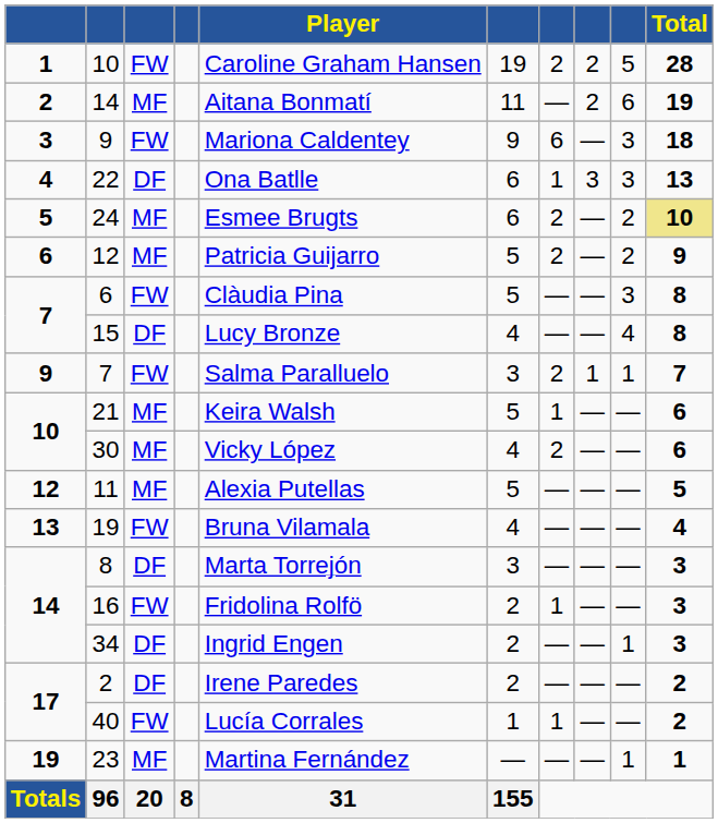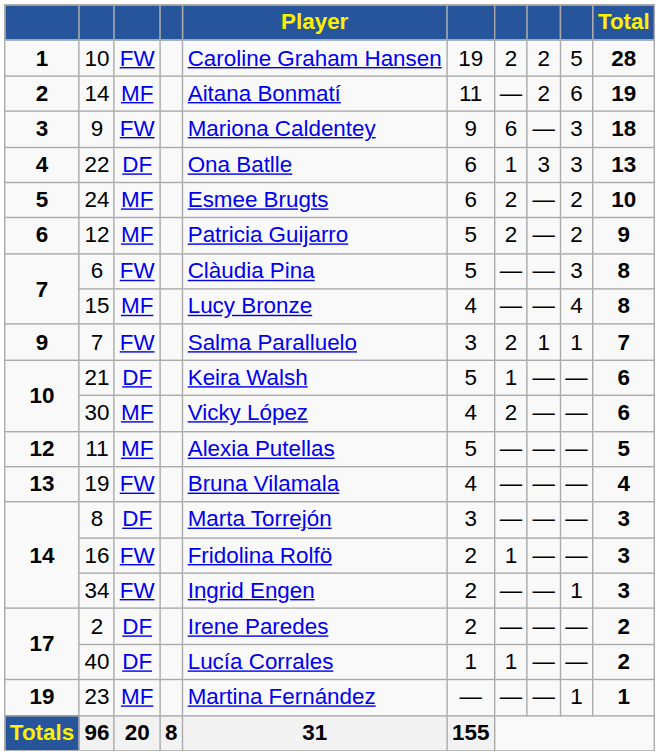 <table class="wikitable" style="text-align:center;">
 <tr>
 <th style="background:#26559B; color:#FFF000; "></th>
 <th style="background:#26559B; color:#FFF000; "></th>
 <th style="background:#26559B; color:#FFF000; "></th>
 <th style="background:#26559B; color:#FFF000; "></th>
 <th style="background:#26559B; color:#FFF000; ">Player</th>
 <th style="background:#26559B; color:#FFF000; "></th>
 <th style="background:#26559B; color:#FFF000; "></th>
 <th style="background:#26559B; color:#FFF000; "></th>
 <th style="background:#26559B; color:#FFF000; "></th>
 <th style="background:#26559B; color:#FFF000; ">Total</th>
 </tr>
 <tr>
 <td><strong>1</strong></td>
 <td>10</td>
 <td><a href='#'>FW</a></td>
 <td></td>
 <td align="left"><a href='#'>Caroline Graham Hansen</a></td>
 <td>19</td>
 <td>2</td>
 <td>2</td>
 <td>5</td>
 <td><strong>28</strong></td>
 </tr>
 <tr>
 <td><strong>2</strong></td>
 <td>14</td>
 <td><a href='#'>MF</a></td>
 <td></td>
 <td align="left"><a href='#'>Aitana Bonmatí</a></td>
 <td>11</td>
 <td>—</td>
 <td>2</td>
 <td>6</td>
 <td><strong>19</strong></td>
 </tr>
 <tr>
 <td><strong>3</strong></td>
 <td>9</td>
 <td><a href='#'>FW</a></td>
 <td></td>
 <td align="left"><a href='#'>Mariona Caldentey</a></td>
 <td>9</td>
 <td>6</td>
 <td>—</td>
 <td>3</td>
 <td><strong>18</strong></td>
 </tr>
 <tr>
 <td><strong>4</strong></td>
 <td>22</td>
 <td><a href='#'>DF</a></td>
 <td></td>
 <td align="left"><a href='#'>Ona Batlle</a></td>
 <td>6</td>
 <td>1</td>
 <td>3</td>
 <td>3</td>
 <td><strong>13</strong></td>
 </tr>
 <tr>
 <td><strong>5</strong></td>
 <td>24</td>
 <td><a href='#'>MF</a></td>
 <td></td>
 <td align="left"><a href='#'>Esmee Brugts</a></td>
 <td>6</td>
 <td>2</td>
 <td>—</td>
 <td>2</td>
-<td style="background: khaki;"><strong>10</strong></td>
+<td><strong>10</strong></td>
 </tr>
 <tr>
 <td><strong>6</strong></td>
 <td>12</td>
 <td><a href='#'>MF</a></td>
 <td></td>
 <td align="left"><a href='#'>Patricia Guijarro</a></td>
 <td>5</td>
 <td>2</td>
 <td>—</td>
 <td>2</td>
 <td><strong>9</strong></td>
 </tr>
 <tr>
 <td rowspan=2><strong>7</strong></td>
 <td>6</td>
 <td><a href='#'>FW</a></td>
 <td></td>
 <td align="left"><a href='#'>Clàudia Pina</a></td>
 <td>5</td>
 <td>—</td>
 <td>—</td>
 <td>3</td>
 <td><strong>8</strong></td>
 </tr>
 <tr>
 <td>15</td>
-<td><a href='#'>DF</a></td>
+<td><a href='#'>MF</a></td>
 <td></td>
 <td align="left"><a href='#'>Lucy Bronze</a></td>
 <td>4</td>
 <td>—</td>
 <td>—</td>
 <td>4</td>
 <td><strong>8</strong></td>
 </tr>
 <tr>
 <td><strong>9</strong></td>
 <td>7</td>
 <td><a href='#'>FW</a></td>
 <td></td>
 <td align="left"><a href='#'>Salma Paralluelo</a></td>
 <td>3</td>
 <td>2</td>
 <td>1</td>
 <td>1</td>
 <td><strong>7</strong></td>
 </tr>
 <tr>
 <td rowspan=2><strong>10</strong></td>
 <td>21</td>
-<td><a href='#'>MF</a></td>
+<td><a href='#'>DF</a></td>
 <td></td>
 <td align="left"><a href='#'>Keira Walsh</a></td>
 <td>5</td>
 <td>1</td>
 <td>—</td>
 <td>—</td>
 <td><strong>6</strong></td>
 </tr>
 <tr>
 <td>30</td>
 <td><a href='#'>MF</a></td>
 <td></td>
 <td align="left"><a href='#'>Vicky López</a></td>
 <td>4</td>
 <td>2</td>
 <td>—</td>
 <td>—</td>
 <td><strong>6</strong></td>
 </tr>
 <tr>
 <td><strong>12</strong></td>
 <td>11</td>
 <td><a href='#'>MF</a></td>
 <td></td>
 <td align="left"><a href='#'>Alexia Putellas</a></td>
 <td>5</td>
 <td>—</td>
 <td>—</td>
 <td>—</td>
 <td><strong>5</strong></td>
 </tr>
 <tr>
 <td><strong>13</strong></td>
 <td>19</td>
 <td><a href='#'>FW</a></td>
 <td></td>
 <td align="left"><a href='#'>Bruna Vilamala</a></td>
 <td>4</td>
 <td>—</td>
 <td>—</td>
 <td>—</td>
 <td><strong>4</strong></td>
 </tr>
 <tr>
 <td rowspan=3><strong>14</strong></td>
 <td>8</td>
 <td><a href='#'>DF</a></td>
 <td></td>
 <td align="left"><a href='#'>Marta Torrejón</a></td>
 <td>3</td>
 <td>—</td>
 <td>—</td>
 <td>—</td>
 <td><strong>3</strong></td>
 </tr>
 <tr>
 <td>16</td>
 <td><a href='#'>FW</a></td>
 <td></td>
 <td align="left"><a href='#'>Fridolina Rolfö</a></td>
 <td>2</td>
 <td>1</td>
 <td>—</td>
 <td>—</td>
 <td><strong>3</strong></td>
 </tr>
 <tr>
 <td>34</td>
-<td><a href='#'>DF</a></td>
+<td><a href='#'>FW</a></td>
 <td></td>
 <td align="left"><a href='#'>Ingrid Engen</a></td>
 <td>2</td>
 <td>—</td>
 <td>—</td>
 <td>1</td>
 <td><strong>3</strong></td>
 </tr>
 <tr>
 <td rowspan=2><strong>17</strong></td>
 <td>2</td>
 <td><a href='#'>DF</a></td>
 <td></td>
 <td align="left"><a href='#'>Irene Paredes</a></td>
 <td>2</td>
 <td>—</td>
 <td>—</td>
 <td>—</td>
 <td><strong>2</strong></td>
 </tr>
 <tr>
 <td>40</td>
-<td><a href='#'>FW</a></td>
+<td><a href='#'>DF</a></td>
 <td></td>
 <td align="left"><a href='#'>Lucía Corrales</a></td>
 <td>1</td>
 <td>1</td>
 <td>—</td>
 <td>—</td>
 <td><strong>2</strong></td>
 </tr>
 <tr>
 <td><strong>19</strong></td>
 <td>23</td>
 <td><a href='#'>MF</a></td>
 <td></td>
 <td align="left"><a href='#'>Martina Fernández</a></td>
 <td>—</td>
 <td>—</td>
 <td>—</td>
 <td>1</td>
 <td><strong>1</strong></td>
 </tr>
 <tr>
 <th style="background:#26559B; color:#FFF000; "><strong>Totals</strong></th>
 <th><strong>96</strong></th>
 <th><strong>20</strong></th>
 <th><strong>8</strong></th>
 <th><strong>31</strong></th>
 <th><strong>155</strong></th>
 </tr>
 </table>
